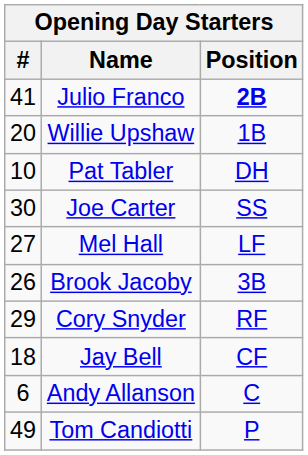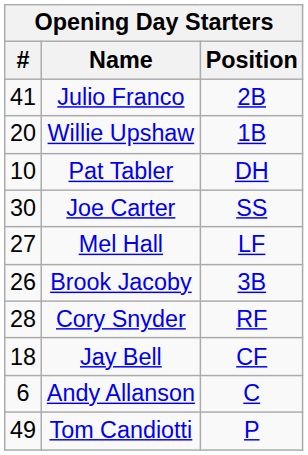 <table class="wikitable" style="text-align:center">
 <tr>
 <th colspan="3">Opening Day Starters</th>
 </tr>
 <tr>
 <th>#</th>
 <th>Name</th>
 <th>Position</th>
 </tr>
 <tr>
 <td>41</td>
 <td><a href='#'>Julio Franco</a></td>
-<td><strong><a href='#'>2B</a></strong></td>
+<td><a href='#'>2B</a></td>
 </tr>
 <tr>
 <td>20</td>
 <td><a href='#'>Willie Upshaw</a></td>
 <td><a href='#'>1B</a></td>
 </tr>
 <tr>
 <td>10</td>
 <td><a href='#'>Pat Tabler</a></td>
 <td><a href='#'>DH</a></td>
 </tr>
 <tr>
 <td>30</td>
 <td><a href='#'>Joe Carter</a></td>
 <td><a href='#'>SS</a></td>
 </tr>
 <tr>
 <td>27</td>
 <td><a href='#'>Mel Hall</a></td>
 <td><a href='#'>LF</a></td>
 </tr>
 <tr>
 <td>26</td>
 <td><a href='#'>Brook Jacoby</a></td>
 <td><a href='#'>3B</a></td>
 </tr>
 <tr>
-<td>29</td>
+<td>28</td>
 <td><a href='#'>Cory Snyder</a></td>
 <td><a href='#'>RF</a></td>
 </tr>
 <tr>
 <td>18</td>
 <td><a href='#'>Jay Bell</a></td>
 <td><a href='#'>CF</a></td>
 </tr>
 <tr>
 <td>6</td>
 <td><a href='#'>Andy Allanson</a></td>
 <td><a href='#'>C</a></td>
 </tr>
 <tr>
 <td>49</td>
 <td><a href='#'>Tom Candiotti</a></td>
 <td><a href='#'>P</a></td>
 </tr>
 </table>
